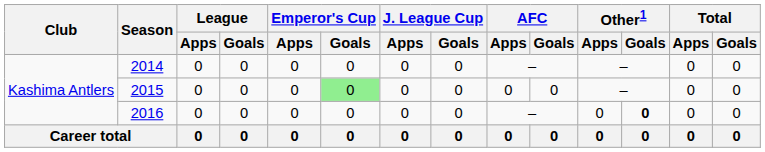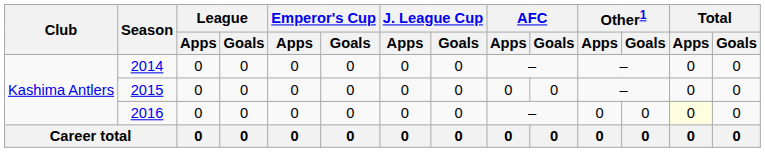 <table class="wikitable" style="font-size:90%; text-align:center;">
 <tr>
 <th rowspan="2">Club</th>
 <th rowspan="2">Season</th>
 <th colspan="2">League</th>
 <th colspan="2"><a href='#'>Emperor's Cup</a></th>
 <th colspan="2"><a href='#'>J. League Cup</a></th>
 <th colspan="2"><a href='#'>AFC</a></th>
 <th colspan="2">Other<sup><a href='#'>1</a></sup></th>
 <th colspan="2">Total</th>
 </tr>
 <tr>
 <th>Apps</th>
 <th>Goals</th>
 <th>Apps</th>
 <th>Goals</th>
 <th>Apps</th>
 <th>Goals</th>
 <th>Apps</th>
 <th>Goals</th>
 <th>Apps</th>
 <th>Goals</th>
 <th>Apps</th>
 <th>Goals</th>
 </tr>
 <tr>
 <td rowspan="3"><a href='#'>Kashima Antlers</a></td>
 <td><a href='#'>2014</a></td>
 <td>0</td>
 <td>0</td>
 <td>0</td>
 <td>0</td>
 <td>0</td>
 <td>0</td>
 <td colspan="2">–</td>
 <td colspan="2">–</td>
 <td>0</td>
 <td>0</td>
 </tr>
 <tr>
 <td><a href='#'>2015</a></td>
 <td>0</td>
 <td>0</td>
 <td>0</td>
-<td style="background: lightgreen;">0</td>
+<td>0</td>
 <td>0</td>
 <td>0</td>
 <td>0</td>
 <td>0</td>
 <td colspan="2">–</td>
 <td>0</td>
 <td>0</td>
 </tr>
 <tr>
 <td><a href='#'>2016</a></td>
 <td>0</td>
 <td>0</td>
 <td>0</td>
 <td>0</td>
 <td>0</td>
 <td>0</td>
 <td colspan="2">–</td>
 <td>0</td>
-<td><strong>0</strong></td>
 <td>0</td>
+<td style="background: lightyellow;">0</td>
 <td>0</td>
 </tr>
 <tr>
 <th colspan="2">Career total</th>
 <th>0</th>
 <th>0</th>
 <th>0</th>
 <th>0</th>
 <th>0</th>
 <th>0</th>
 <th>0</th>
 <th>0</th>
 <th>0</th>
 <th>0</th>
 <th>0</th>
 <th>0</th>
 </tr>
 </table>
